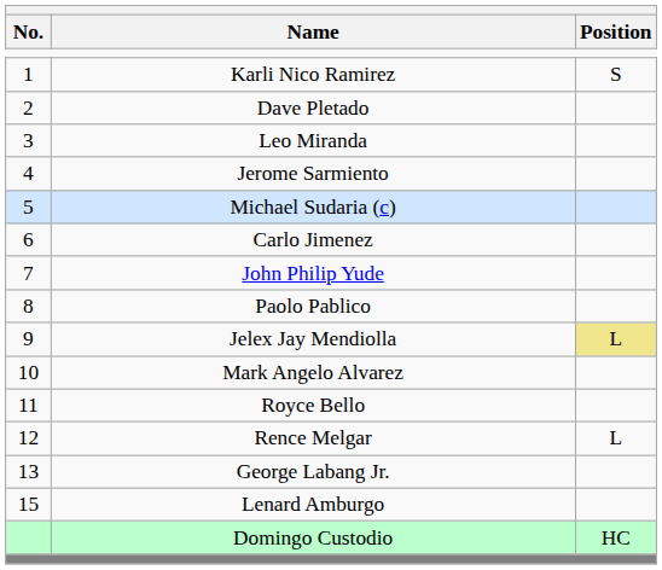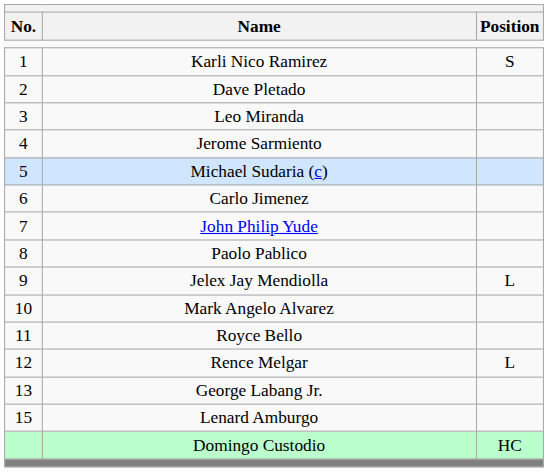 <table class='wikitable mw-collapsible mw-collapsed' style="text-align: center; width: 500px; border: none">
 <tr>
 <th style='text-align: left;' colspan=3></th>
 </tr>
 <tr>
 <th style='width: 7%;'>No.</th>
 <th>Name</th>
 <th style='width: 10%;'>Position</th>
 </tr>
 <tr>
 <td style='border: none;'></td>
 </tr>
 <tr>
 <td>1</td>
 <td>Karli Nico Ramirez</td>
 <td>S</td>
 </tr>
 <tr>
 <td>2</td>
 <td>Dave Pletado</td>
 <td></td>
 </tr>
 <tr>
 <td>3</td>
 <td>Leo Miranda</td>
 <td></td>
 </tr>
 <tr>
 <td>4</td>
 <td>Jerome Sarmiento</td>
 <td></td>
 </tr>
 <tr style="background:#D0E6FF">
 <td>5</td>
 <td>Michael Sudaria (<a href='#'>c</a>)</td>
 <td></td>
 </tr>
 <tr>
 <td>6</td>
 <td>Carlo Jimenez</td>
 <td></td>
 </tr>
 <tr>
 <td>7</td>
 <td><a href='#'>John Philip Yude</a></td>
 <td></td>
 </tr>
 <tr>
 <td>8</td>
 <td>Paolo Pablico</td>
 <td></td>
 </tr>
 <tr>
 <td>9</td>
 <td>Jelex Jay Mendiolla</td>
-<td style="background: khaki;">L</td>
+<td>L</td>
 </tr>
 <tr>
 <td>10</td>
 <td>Mark Angelo Alvarez</td>
 <td></td>
 </tr>
 <tr>
 <td>11</td>
 <td>Royce Bello</td>
 <td></td>
 </tr>
 <tr>
 <td>12</td>
 <td>Rence Melgar</td>
 <td>L</td>
 </tr>
 <tr>
 <td>13</td>
 <td>George Labang Jr.</td>
 <td></td>
 </tr>
 <tr>
 <td>15</td>
 <td>Lenard Amburgo</td>
 <td></td>
 </tr>
 <tr style="background:#BBFFCC">
 <td></td>
 <td>Domingo Custodio</td>
 <td>HC</td>
 </tr>
 <tr>
 <th style='background: grey;' colspan=3></th>
 </tr>
 </table>
